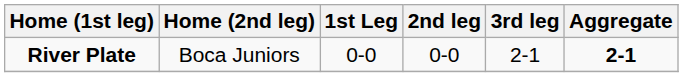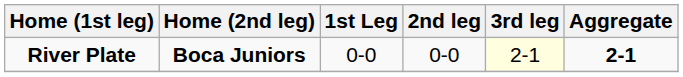 <table class="wikitable" style="text-align: center;">
 <tr>
 <th>Home (1st leg)</th>
 <th>Home (2nd leg)</th>
 <th>1st Leg</th>
 <th>2nd leg</th>
 <th>3rd leg</th>
 <th>Aggregate</th>
 </tr>
 <tr>
 <td><strong>River Plate</strong></td>
-<td>Boca Juniors</td>
+<td><strong>Boca Juniors</strong></td>
 <td>0-0</td>
 <td>0-0</td>
-<td>2-1</td>
+<td style="background: lightyellow;">2-1</td>
 <td><strong>2-1</strong></td>
 </tr>
 <tr>
 </tr>
 </table>
